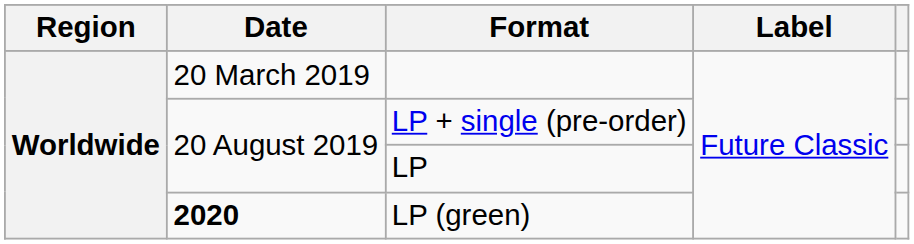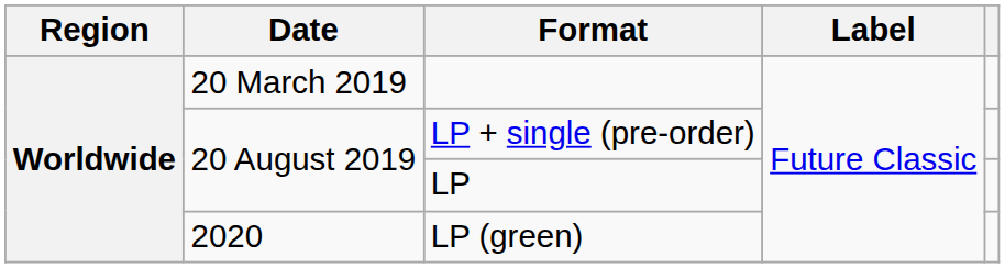 <table class="wikitable plainrowheaders">
 <tr>
 <th scope="col">Region</th>
 <th scope="col">Date</th>
 <th scope="col">Format</th>
 <th scope="col">Label</th>
 <th scope="col"></th>
 </tr>
 <tr>
 <th rowspan="4" scope="row">Worldwide</th>
 <td rowspan="1">20 March 2019</td>
 <td></td>
 <td rowspan="4"><a href='#'>Future Classic</a></td>
 <td align="center"></td>
 </tr>
 <tr>
 <td rowspan="2">20 August 2019</td>
 <td><a href='#'>LP</a> + <a href='#'> single</a> (pre-order)</td>
 <td></td>
 </tr>
 <tr>
 <td>LP</td>
 <td></td>
 </tr>
 <tr>
-<td><strong>2020</strong></td>
+<td>2020</td>
 <td>LP (green)</td>
 <td></td>
 </tr>
 </table>
